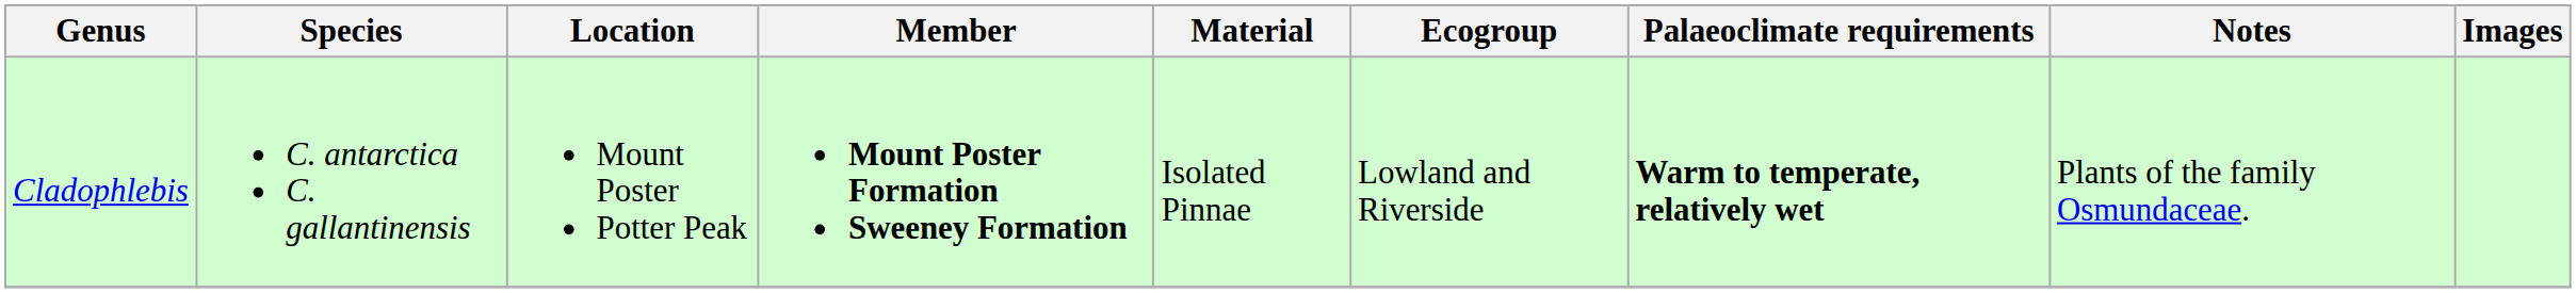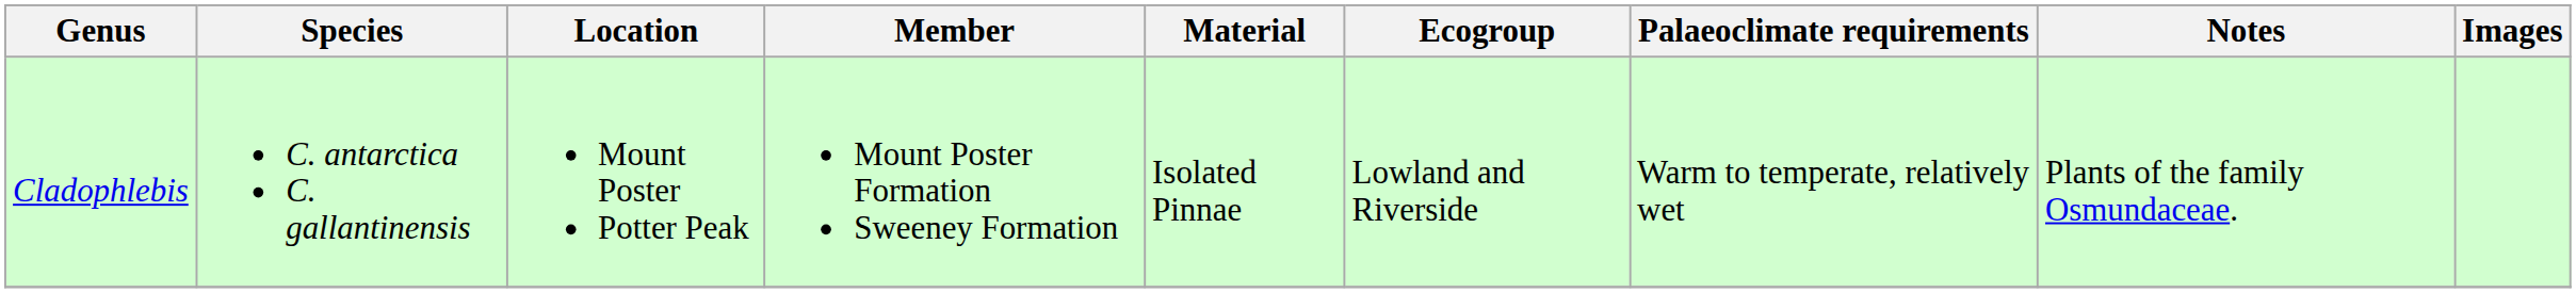 <table class="wikitable sortable">
 <tr>
 <th>Genus</th>
 <th>Species</th>
 <th>Location</th>
 <th>Member</th>
 <th>Material</th>
 <th>Ecogroup</th>
 <th>Palaeoclimate requirements</th>
 <th>Notes</th>
 <th>Images</th>
 </tr>
 <tr>
 <td style="background:#D1FFCF;"><br><em><a href='#'>Cladophlebis</a></em></td>
 <td style="background:#D1FFCF;"><br><ul><li><em>C. antarctica</em></li><li><em>C. gallantinensis</em></li></ul></td>
 <td style="background:#D1FFCF;"><br><ul><li>Mount Poster</li><li>Potter Peak</li></ul></td>
-<td style="background:#D1FFCF;"><strong><br><ul><li>Mount Poster Formation</li><li>Sweeney Formation</li></ul></strong></td>
+<td style="background:#D1FFCF;"><br><ul><li>Mount Poster Formation</li><li>Sweeney Formation</li></ul></td>
 <td style="background:#D1FFCF;"><br>Isolated Pinnae</td>
 <td style="background:#D1FFCF;"><br>Lowland and Riverside</td>
-<td style="background:#D1FFCF;"><strong><br>Warm to temperate, relatively wet</strong></td>
+<td style="background:#D1FFCF;"><br>Warm to temperate, relatively wet</td>
 <td style="background:#D1FFCF;"><br>Plants of the family <a href='#'>Osmundaceae</a>.</td>
 <td style="background:#D1FFCF;"><br></td>
 </tr>
 <tr>
 </tr>
 </table>
